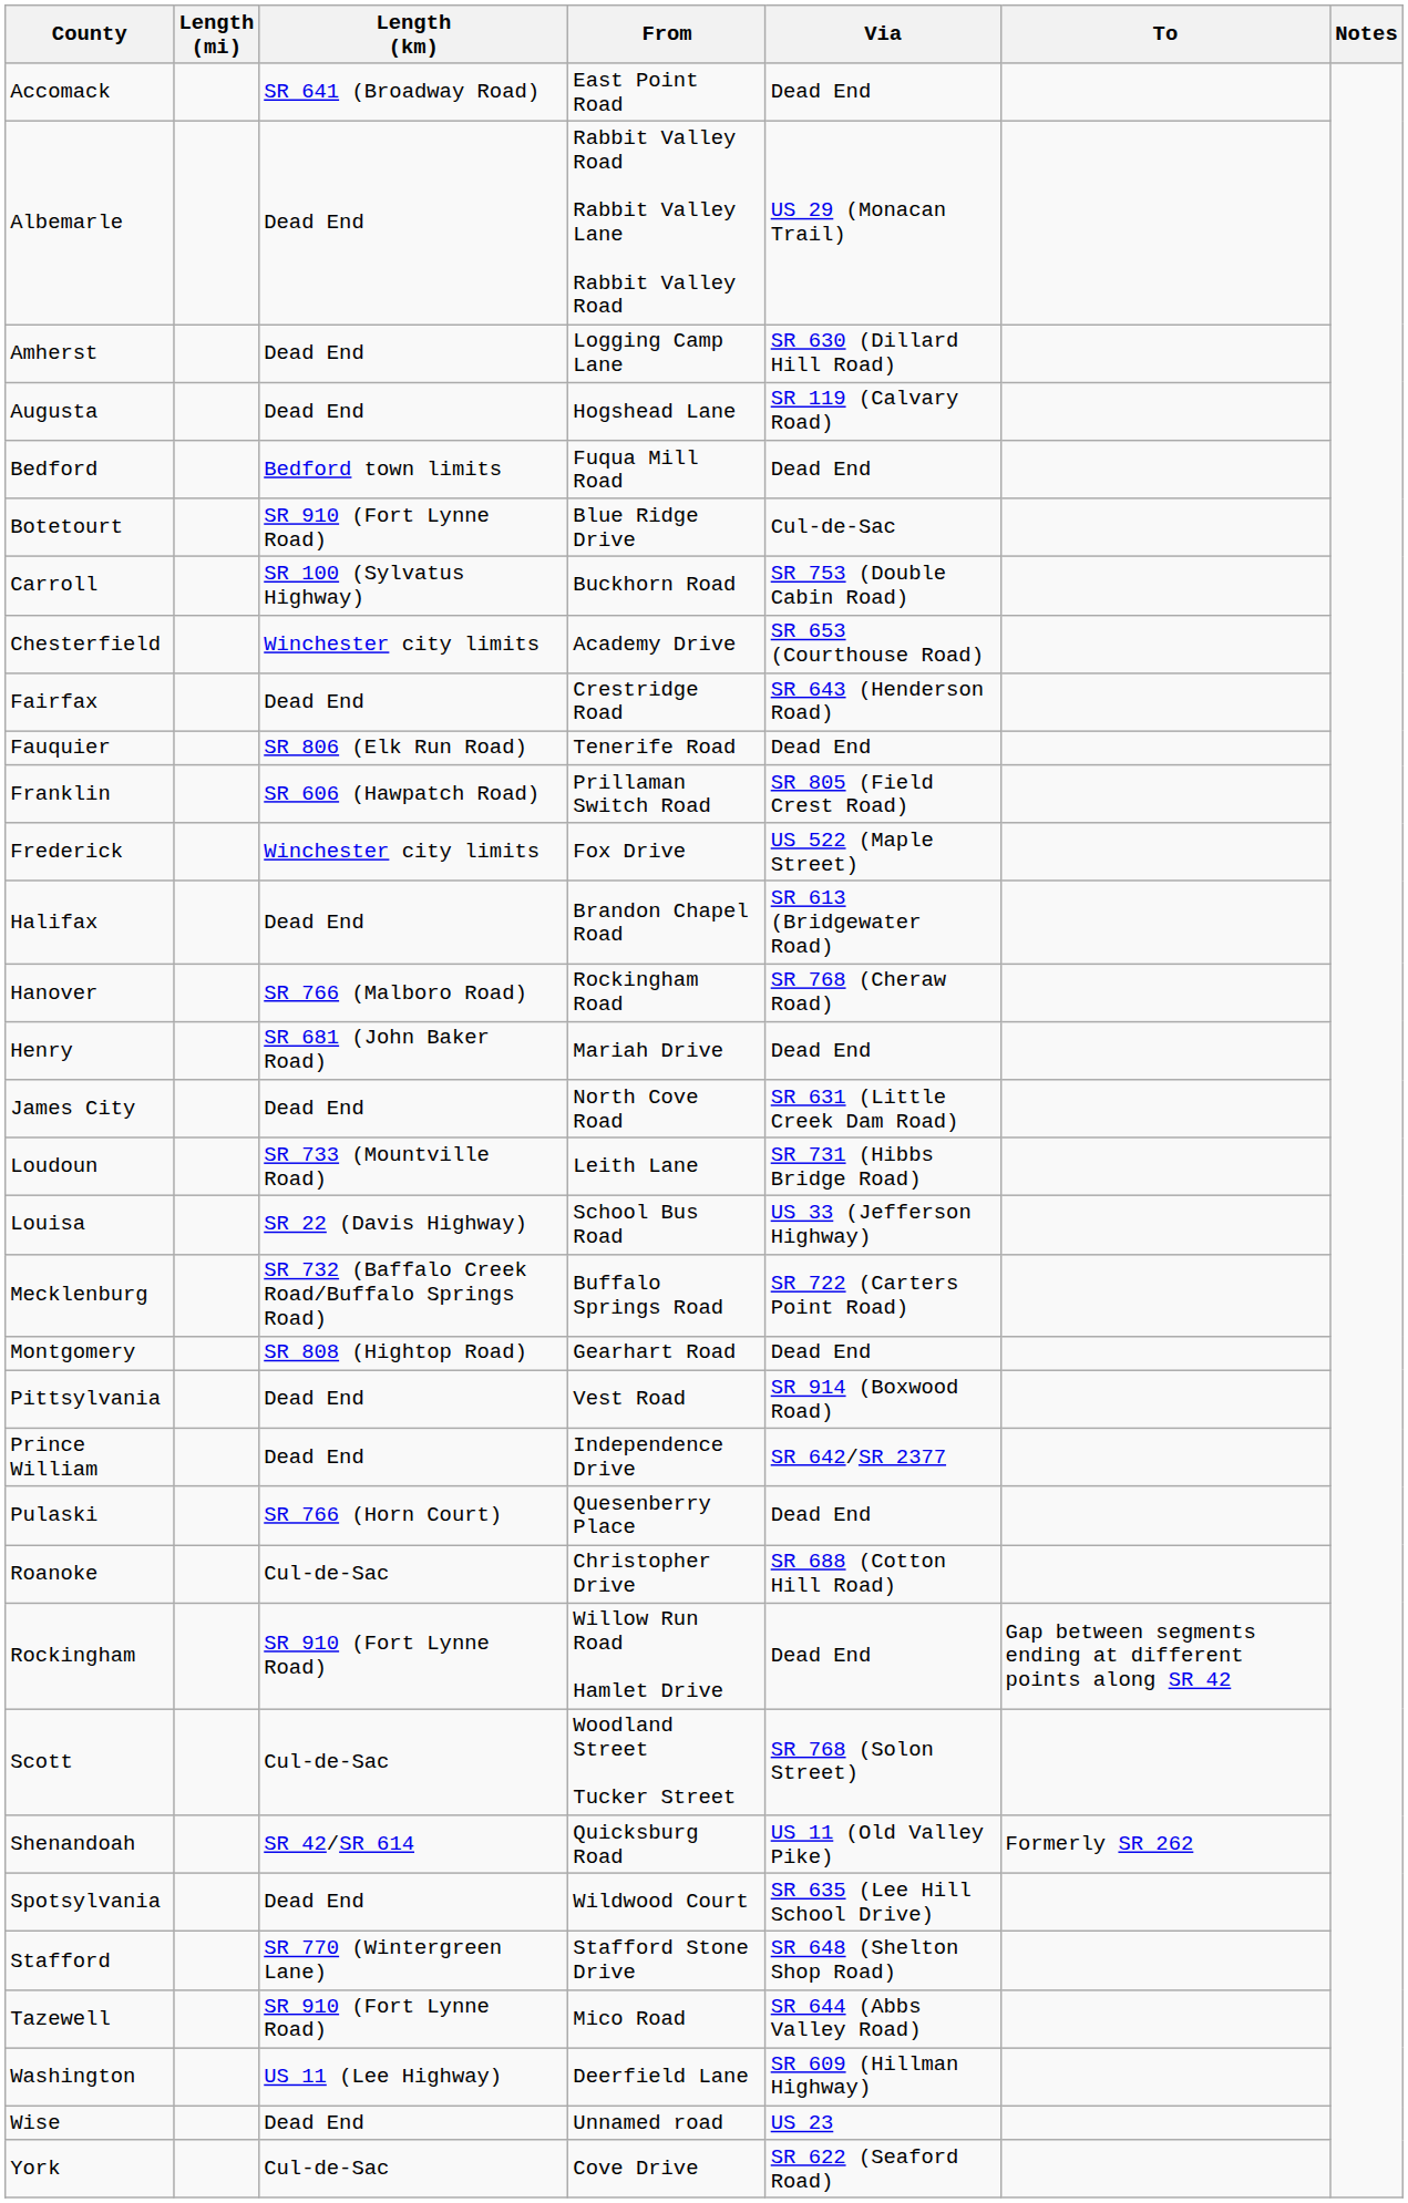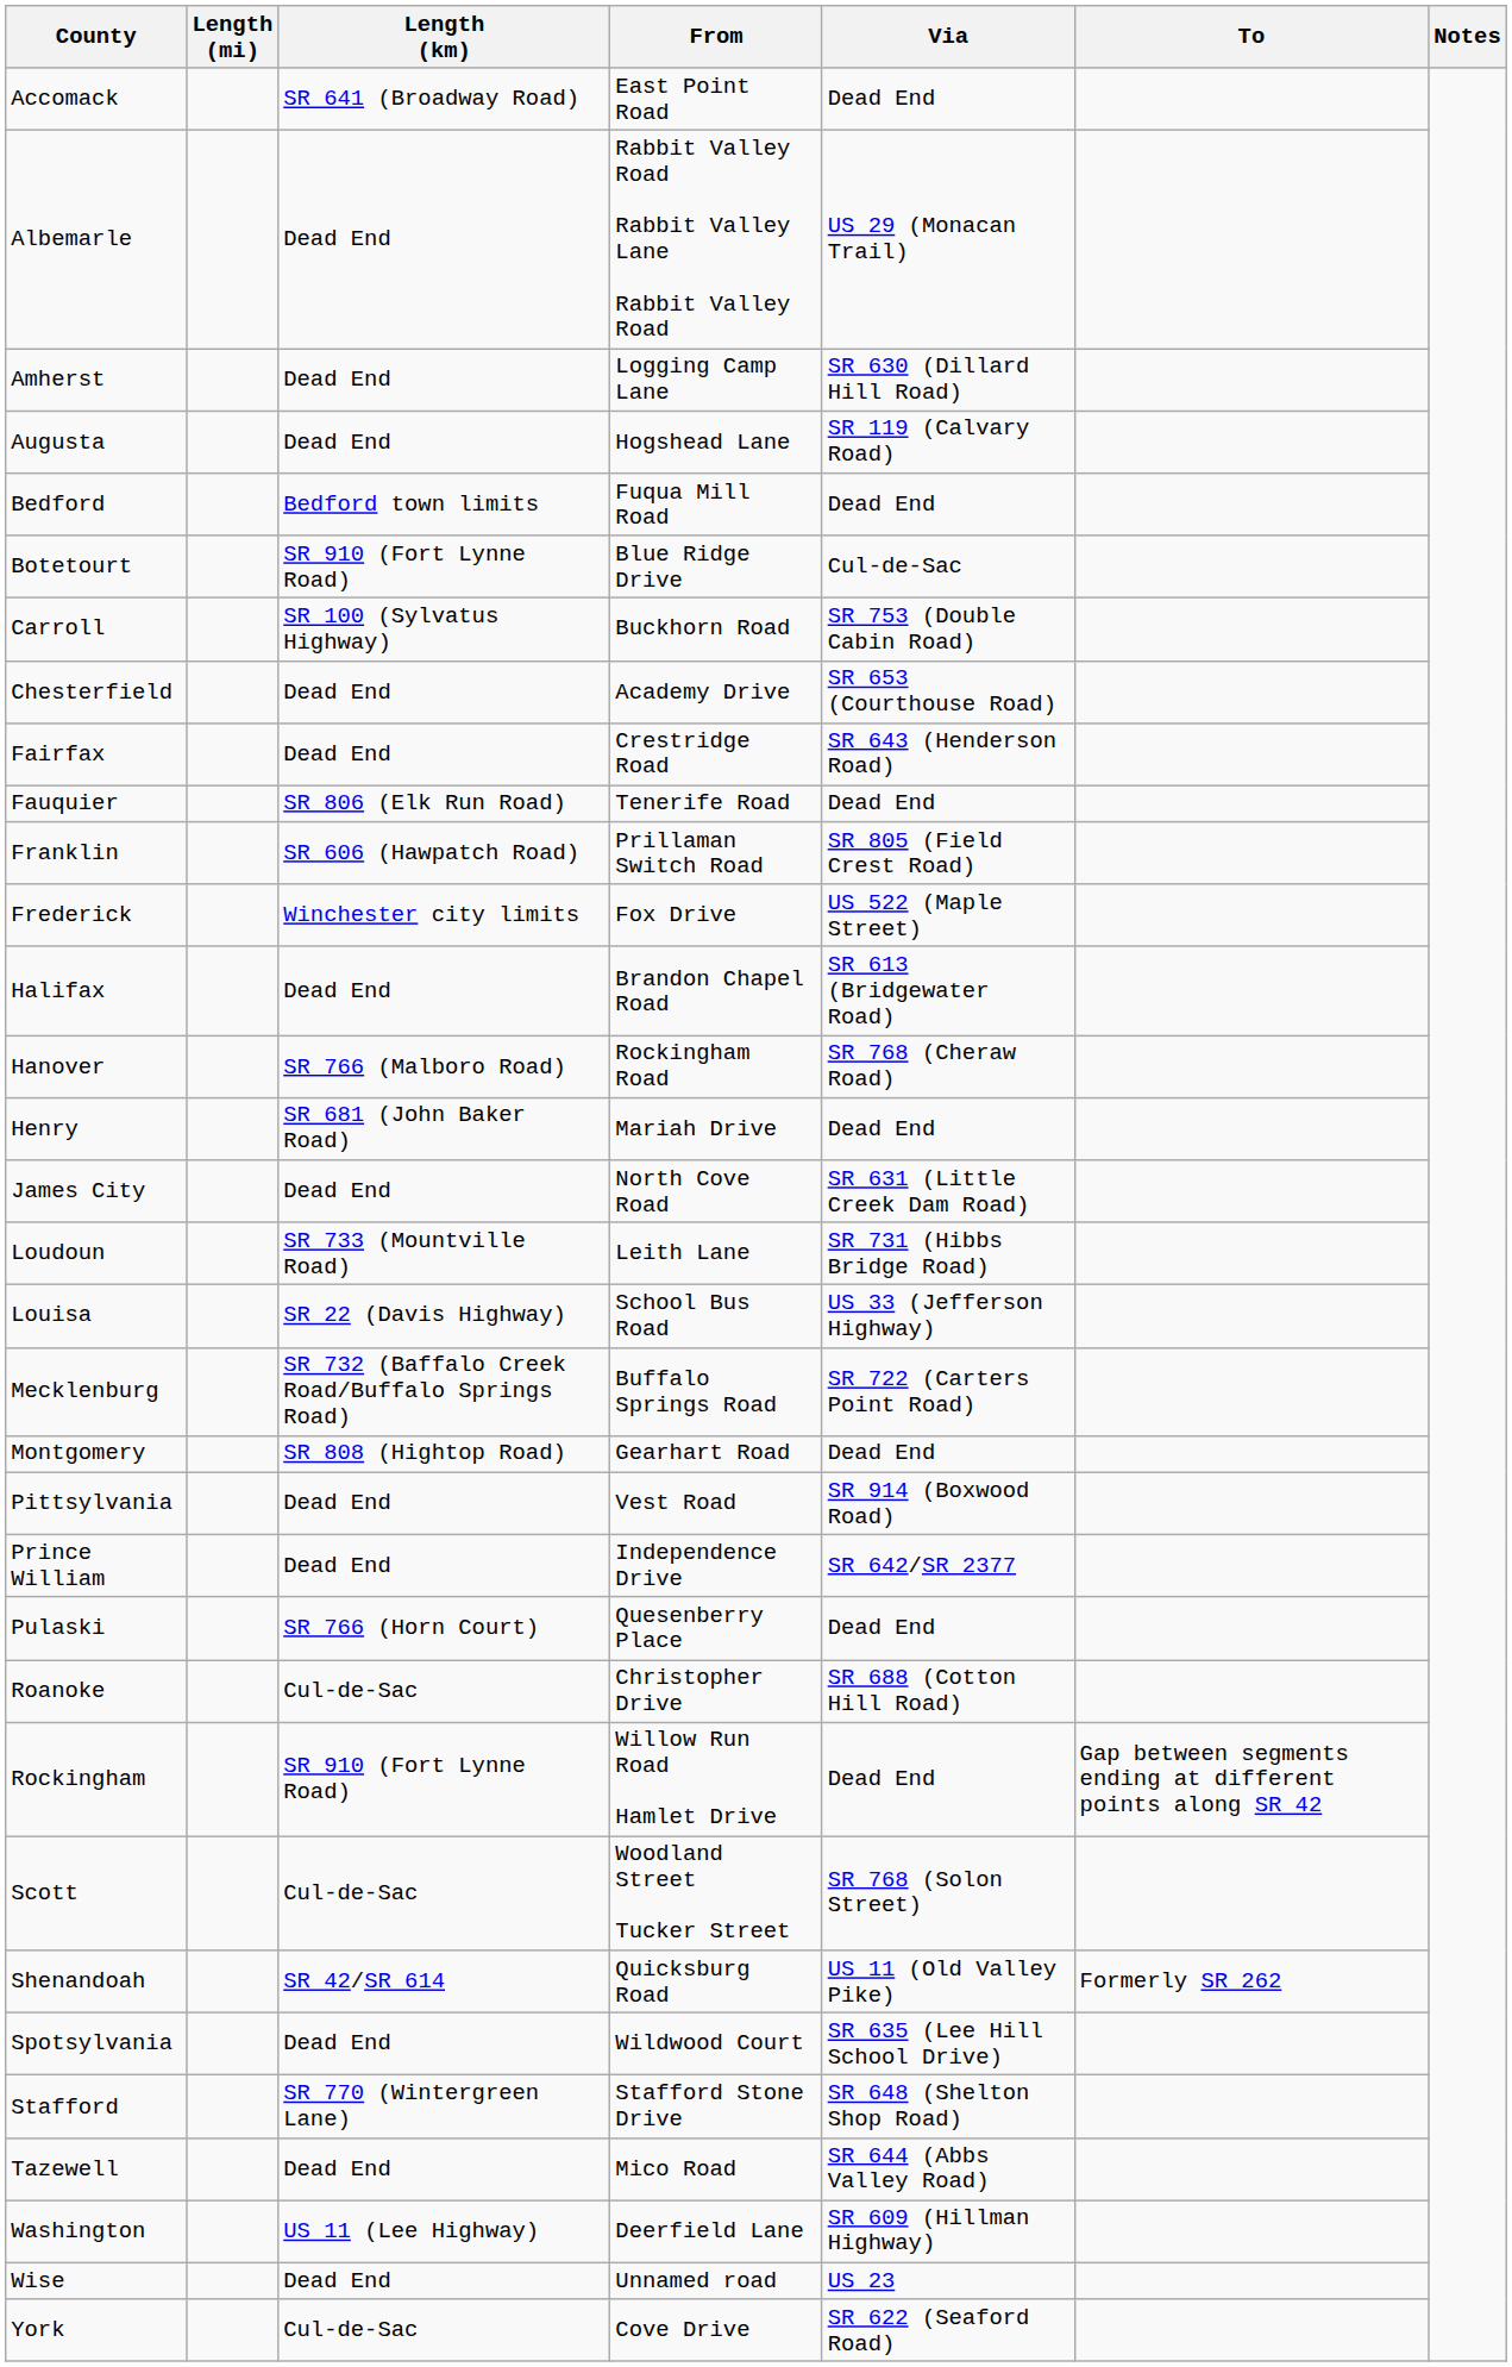 <table class="wikitable sortable">
 <tr>
 <th>County</th>
 <th>Length<br>(mi)</th>
 <th>Length<br>(km)</th>
 <th class="unsortable">From</th>
 <th class="unsortable">Via</th>
 <th class="unsortable">To</th>
 <th class="unsortable">Notes</th>
 </tr>
 <tr>
 <td id="Accomack">Accomack</td>
 <td></td>
 <td><a href='#'>SR 641</a> (Broadway Road)</td>
 <td>East Point Road</td>
 <td>Dead End</td>
 <td></td>
 </tr>
 <tr>
 <td id="Albemarle">Albemarle</td>
 <td></td>
 <td>Dead End</td>
 <td>Rabbit Valley Road<br><br>Rabbit Valley Lane<br><br>Rabbit Valley Road</td>
 <td><a href='#'>US 29</a> (Monacan Trail)</td>
 <td><br> </td>
 </tr>
 <tr>
 <td id="Amherst">Amherst</td>
 <td></td>
 <td>Dead End</td>
 <td>Logging Camp Lane</td>
 <td><a href='#'>SR 630</a> (Dillard Hill Road)</td>
 <td><br> </td>
 </tr>
 <tr>
 <td id="Augusta">Augusta</td>
 <td></td>
 <td>Dead End</td>
 <td>Hogshead Lane</td>
 <td><a href='#'>SR 119</a> (Calvary Road)</td>
 <td><br></td>
 </tr>
 <tr>
 <td id="Bedford">Bedford</td>
 <td></td>
 <td><a href='#'>Bedford</a> town limits</td>
 <td>Fuqua Mill Road</td>
 <td>Dead End</td>
 <td><br></td>
 </tr>
 <tr>
 <td id="Botetourt">Botetourt</td>
 <td></td>
 <td><a href='#'>SR 910</a> (Fort Lynne Road)</td>
 <td>Blue Ridge Drive</td>
 <td>Cul-de-Sac</td>
 <td><br>    </td>
 </tr>
 <tr>
 <td id="Carroll">Carroll</td>
 <td></td>
 <td><a href='#'>SR 100</a> (Sylvatus Highway)</td>
 <td>Buckhorn Road</td>
 <td><a href='#'>SR 753</a> (Double Cabin Road)</td>
 <td><br> </td>
 </tr>
 <tr>
 <td id="Chesterfield">Chesterfield</td>
 <td></td>
-<td><a href='#'>Winchester</a> city limits</td>
+<td>Dead End</td>
 <td>Academy Drive</td>
 <td><a href='#'>SR 653</a> (Courthouse Road)</td>
 <td><br>      </td>
 </tr>
 <tr>
 <td id="Fairfax">Fairfax</td>
 <td></td>
 <td>Dead End</td>
 <td>Crestridge Road</td>
 <td><a href='#'>SR 643</a> (Henderson Road)</td>
 <td></td>
 </tr>
 <tr>
 <td id="Fauquier">Fauquier</td>
 <td></td>
 <td><a href='#'>SR 806</a> (Elk Run Road)</td>
 <td>Tenerife Road</td>
 <td>Dead End</td>
 <td><br> </td>
 </tr>
 <tr>
 <td id="Franklin">Franklin</td>
 <td></td>
 <td><a href='#'>SR 606</a> (Hawpatch Road)</td>
 <td>Prillaman Switch Road</td>
 <td><a href='#'>SR 805</a> (Field Crest Road)</td>
 <td></td>
 </tr>
 <tr>
 <td id="Frederick">Frederick</td>
 <td></td>
 <td><a href='#'>Winchester</a> city limits</td>
 <td>Fox Drive</td>
 <td><a href='#'>US 522</a> (Maple Street)</td>
 <td><br>     </td>
 </tr>
 <tr>
 <td id="Halifax">Halifax</td>
 <td></td>
 <td>Dead End</td>
 <td>Brandon Chapel Road</td>
 <td><a href='#'>SR 613</a> (Bridgewater Road)</td>
 <td></td>
 </tr>
 <tr>
 <td id="Hanover">Hanover</td>
 <td></td>
 <td><a href='#'>SR 766</a> (Malboro Road)</td>
 <td>Rockingham Road</td>
 <td><a href='#'>SR 768</a> (Cheraw Road)</td>
 <td><br></td>
 </tr>
 <tr>
 <td id="Henry">Henry</td>
 <td></td>
 <td><a href='#'>SR 681</a> (John Baker Road)</td>
 <td>Mariah Drive</td>
 <td>Dead End</td>
 <td><br> </td>
 </tr>
 <tr>
 <td id="James City">James City</td>
 <td></td>
 <td>Dead End</td>
 <td>North Cove Road</td>
 <td><a href='#'>SR 631</a> (Little Creek Dam Road)</td>
 <td><br>    </td>
 </tr>
 <tr>
 <td id="Loudoun">Loudoun</td>
 <td></td>
 <td><a href='#'>SR 733</a> (Mountville Road)</td>
 <td>Leith Lane</td>
 <td><a href='#'>SR 731</a> (Hibbs Bridge Road)</td>
 <td></td>
 </tr>
 <tr>
 <td id="Louisa">Louisa</td>
 <td></td>
 <td><a href='#'>SR 22</a> (Davis Highway)</td>
 <td>School Bus Road</td>
 <td><a href='#'>US 33</a> (Jefferson Highway)</td>
 <td><br>  </td>
 </tr>
 <tr>
 <td id="Mecklenburg">Mecklenburg</td>
 <td></td>
 <td><a href='#'>SR 732</a> (Baffalo Creek Road/Buffalo Springs Road)</td>
 <td>Buffalo Springs Road</td>
 <td><a href='#'>SR 722</a> (Carters Point Road)</td>
 <td><br></td>
 </tr>
 <tr>
 <td id="Montgomery">Montgomery</td>
 <td></td>
 <td><a href='#'>SR 808</a> (Hightop Road)</td>
 <td>Gearhart Road</td>
 <td>Dead End</td>
 <td><br>       </td>
 </tr>
 <tr>
 <td id="Pittsylvania">Pittsylvania</td>
 <td></td>
 <td>Dead End</td>
 <td>Vest Road</td>
 <td><a href='#'>SR 914</a> (Boxwood Road)</td>
 <td><br>  </td>
 </tr>
 <tr>
 <td id="Prince William">Prince William</td>
 <td></td>
 <td>Dead End</td>
 <td>Independence Drive</td>
 <td><a href='#'>SR 642</a>/<a href='#'>SR 2377</a></td>
 <td></td>
 </tr>
 <tr>
 <td id="Pulaski">Pulaski</td>
 <td></td>
 <td><a href='#'>SR 766</a> (Horn Court)</td>
 <td>Quesenberry Place</td>
 <td>Dead End</td>
 <td><br> </td>
 </tr>
 <tr>
 <td id="Roanoke">Roanoke</td>
 <td></td>
 <td>Cul-de-Sac</td>
 <td>Christopher Drive</td>
 <td><a href='#'>SR 688</a> (Cotton Hill Road)</td>
 <td><br></td>
 </tr>
 <tr>
 <td id="Rockingham">Rockingham</td>
 <td></td>
 <td><a href='#'>SR 910</a> (Fort Lynne Road)</td>
 <td>Willow Run Road<br><br>Hamlet Drive</td>
 <td>Dead End</td>
 <td>Gap between segments ending at different points along <a href='#'>SR 42</a><br></td>
 </tr>
 <tr>
 <td id="Scott">Scott</td>
 <td></td>
 <td>Cul-de-Sac</td>
 <td>Woodland Street<br><br>Tucker Street</td>
 <td><a href='#'>SR 768</a> (Solon Street)</td>
 <td></td>
 </tr>
 <tr>
 <td id="Shenandoah">Shenandoah</td>
 <td></td>
 <td><a href='#'>SR 42</a>/<a href='#'>SR 614</a></td>
 <td>Quicksburg Road</td>
 <td><a href='#'>US 11</a> (Old Valley Pike)</td>
 <td>Formerly <a href='#'>SR 262</a><br> </td>
 </tr>
 <tr>
 <td id="Spotsylvania">Spotsylvania</td>
 <td></td>
 <td>Dead End</td>
 <td>Wildwood Court</td>
 <td><a href='#'>SR 635</a> (Lee Hill School Drive)</td>
 <td></td>
 </tr>
 <tr>
 <td id="Stafford">Stafford</td>
 <td></td>
 <td><a href='#'>SR 770</a> (Wintergreen Lane)</td>
 <td>Stafford Stone Drive</td>
 <td><a href='#'>SR 648</a> (Shelton Shop Road)</td>
 <td><br> </td>
 </tr>
 <tr>
 <td id="Tazewell">Tazewell</td>
 <td></td>
-<td><a href='#'>SR 910</a> (Fort Lynne Road)</td>
+<td>Dead End</td>
 <td>Mico Road</td>
 <td><a href='#'>SR 644</a> (Abbs Valley Road)</td>
 <td><br></td>
 </tr>
 <tr>
 <td id="Washington">Washington</td>
 <td></td>
 <td><a href='#'>US 11</a> (Lee Highway)</td>
 <td>Deerfield Lane</td>
 <td><a href='#'>SR 609</a> (Hillman Highway)</td>
 <td><br></td>
 </tr>
 <tr>
 <td id="Wise">Wise</td>
 <td></td>
 <td>Dead End</td>
 <td>Unnamed road</td>
 <td><a href='#'>US 23</a></td>
 <td><br></td>
 </tr>
 <tr>
 <td id="York">York</td>
 <td></td>
 <td>Cul-de-Sac</td>
 <td>Cove Drive</td>
 <td><a href='#'>SR 622</a> (Seaford Road)</td>
 <td></td>
 </tr>
 </table>
